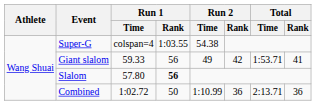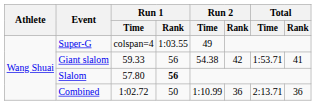 <table class="wikitable" style="font-size:90%">
 <tr>
 <th rowspan=2>Athlete</th>
 <th rowspan=2>Event</th>
 <th colspan=2>Run 1</th>
 <th colspan=2>Run 2</th>
 <th colspan=2>Total</th>
 </tr>
 <tr style="font-size:95%">
 <th>Time</th>
 <th>Rank</th>
 <th>Time</th>
 <th>Rank</th>
 <th>Time</th>
 <th>Rank</th>
 </tr>
 <tr align=center>
 <td align="left" rowspan="4"><a href='#'>Wang Shuai</a></td>
 <td align="left"><a href='#'>Super-G</a></td>
 <td>colspan=4</td>
 <td>1:03.55</td>
-<td>54.38</td>
+<td>49</td>
 </tr>
 <tr align=center>
 <td align="left"><a href='#'>Giant slalom</a></td>
 <td>59.33</td>
 <td>56</td>
-<td>49</td>
+<td>54.38</td>
 <td>42</td>
 <td>1:53.71</td>
 <td>41</td>
 </tr>
 <tr align=center>
 <td align="left"><a href='#'>Slalom</a></td>
 <td>57.80</td>
 <td><strong>56</strong></td>
 <td colspan=4></td>
 </tr>
 <tr align=center>
 <td align="left"><a href='#'>Combined</a></td>
 <td>1:02.72</td>
 <td>50</td>
 <td>1:10.99</td>
 <td>36</td>
 <td>2:13.71</td>
 <td>36</td>
 </tr>
 </table>
